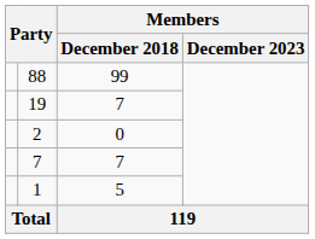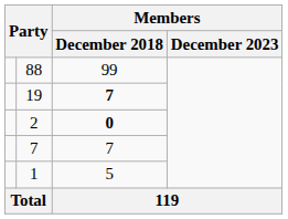 <table class="wikitable sortable">
 <tr>
 <th rowspan=2 colspan="2">Party</th>
 <th colspan=2>Members</th>
 </tr>
 <tr>
 <th>December 2018</th>
 <th>December 2023</th>
 </tr>
 <tr>
 <td></td>
 <td style="text-align: center;">88</td>
 <td style="text-align: center;">99</td>
 </tr>
 <tr>
 <td></td>
 <td style="text-align: center;">19</td>
-<td style="text-align: center;">7</td>
+<td style="text-align: center;"><strong>7</strong></td>
 </tr>
 <tr>
 <td></td>
 <td style="text-align: center;">2</td>
-<td style="text-align: center;">0</td>
+<td style="text-align: center;"><strong>0</strong></td>
 </tr>
 <tr>
 <td></td>
 <td style="text-align: center;">7</td>
 <td style="text-align: center;">7</td>
 </tr>
 <tr>
 <td></td>
 <td style="text-align: center;">1</td>
 <td style="text-align: center;">5</td>
 </tr>
 <tr>
 <th colspan="2">Total</th>
 <th colspan=2>119</th>
 </tr>
 </table>
